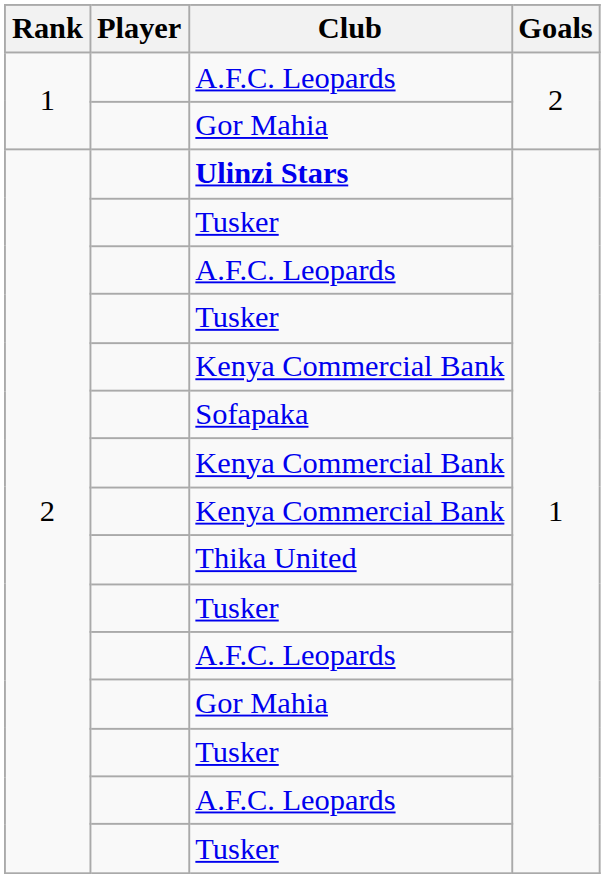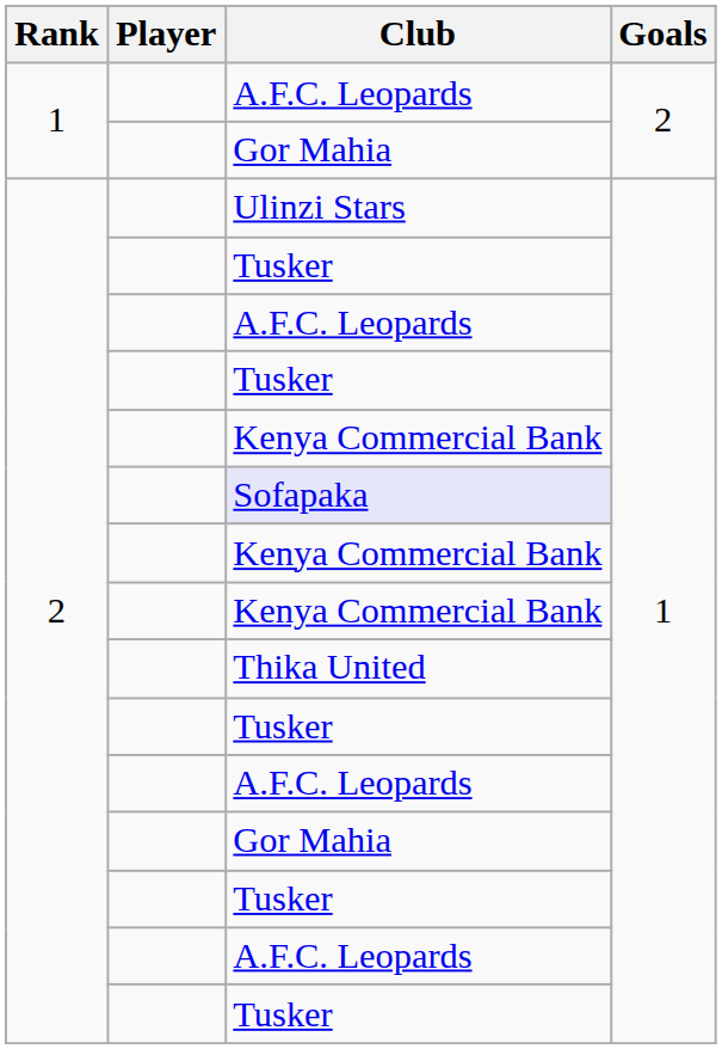 <table class="wikitable sortable">
 <tr>
 <th>Rank</th>
 <th>Player</th>
 <th>Club</th>
 <th>Goals</th>
 </tr>
 <tr>
 <td rowspan="2" style="text-align:center;">1</td>
 <td> </td>
 <td><a href='#'>A.F.C. Leopards</a></td>
 <td rowspan="2" style="text-align:center;">2</td>
 </tr>
 <tr>
 <td> </td>
 <td><a href='#'>Gor Mahia</a></td>
 </tr>
 <tr>
 <td rowspan="15" style="text-align:center;">2</td>
 <td> </td>
-<td><strong><a href='#'>Ulinzi Stars</a></strong></td>
+<td><a href='#'>Ulinzi Stars</a></td>
 <td rowspan="15" style="text-align:center;">1</td>
 </tr>
 <tr>
 <td> </td>
 <td><a href='#'>Tusker</a></td>
 </tr>
 <tr>
 <td> </td>
 <td><a href='#'>A.F.C. Leopards</a></td>
 </tr>
 <tr>
 <td> </td>
 <td><a href='#'>Tusker</a></td>
 </tr>
 <tr>
 <td> </td>
 <td><a href='#'>Kenya Commercial Bank</a></td>
 </tr>
 <tr>
 <td> </td>
-<td><a href='#'>Sofapaka</a></td>
+<td style="background: lavender;"><a href='#'>Sofapaka</a></td>
 </tr>
 <tr>
 <td> </td>
 <td><a href='#'>Kenya Commercial Bank</a></td>
 </tr>
 <tr>
 <td> </td>
 <td><a href='#'>Kenya Commercial Bank</a></td>
 </tr>
 <tr>
 <td> </td>
 <td><a href='#'>Thika United</a></td>
 </tr>
 <tr>
 <td> </td>
 <td><a href='#'>Tusker</a></td>
 </tr>
 <tr>
 <td> </td>
 <td><a href='#'>A.F.C. Leopards</a></td>
 </tr>
 <tr>
 <td> </td>
 <td><a href='#'>Gor Mahia</a></td>
 </tr>
 <tr>
 <td> </td>
 <td><a href='#'>Tusker</a></td>
 </tr>
 <tr>
 <td> </td>
 <td><a href='#'>A.F.C. Leopards</a></td>
 </tr>
 <tr>
 <td> </td>
 <td><a href='#'>Tusker</a></td>
 </tr>
 </table>
